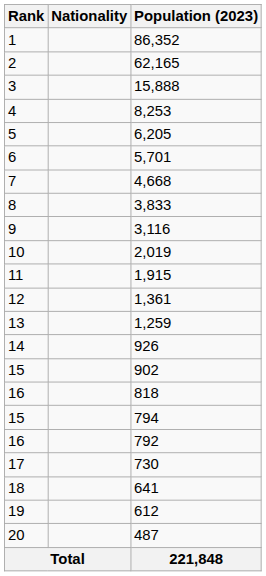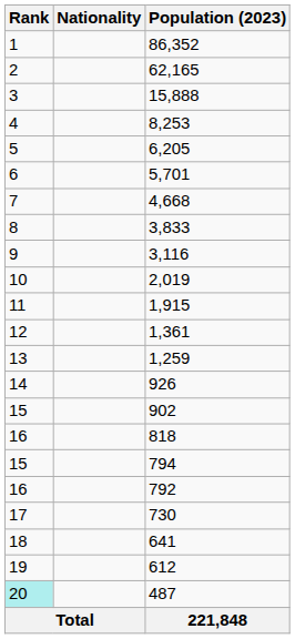 <table class="wikitable sortable">
 <tr>
 <th>Rank</th>
 <th>Nationality</th>
 <th>Population (2023)</th>
 </tr>
 <tr>
 <td>1</td>
 <td></td>
 <td>86,352</td>
 </tr>
 <tr>
 <td>2</td>
 <td></td>
 <td>62,165</td>
 </tr>
 <tr>
 <td>3</td>
 <td></td>
 <td>15,888</td>
 </tr>
 <tr>
 <td>4</td>
 <td></td>
 <td>8,253</td>
 </tr>
 <tr>
 <td>5</td>
 <td></td>
 <td>6,205</td>
 </tr>
 <tr>
 <td>6</td>
 <td></td>
 <td>5,701</td>
 </tr>
 <tr>
 <td>7</td>
 <td></td>
 <td>4,668</td>
 </tr>
 <tr>
 <td>8</td>
 <td></td>
 <td>3,833</td>
 </tr>
 <tr>
 <td>9</td>
 <td></td>
 <td>3,116</td>
 </tr>
 <tr>
 <td>10</td>
 <td></td>
 <td>2,019</td>
 </tr>
 <tr>
 <td>11</td>
 <td></td>
 <td>1,915</td>
 </tr>
 <tr>
 <td>12</td>
 <td></td>
 <td>1,361</td>
 </tr>
 <tr>
 <td>13</td>
 <td></td>
 <td>1,259</td>
 </tr>
 <tr>
 <td>14</td>
 <td></td>
 <td>926</td>
 </tr>
 <tr>
 <td>15</td>
 <td></td>
 <td>902</td>
 </tr>
 <tr>
 <td>16</td>
 <td></td>
 <td>818</td>
 </tr>
 <tr>
 <td>15</td>
 <td></td>
 <td>794</td>
 </tr>
 <tr>
 <td>16</td>
 <td></td>
 <td>792</td>
 </tr>
 <tr>
 <td>17</td>
 <td></td>
 <td>730</td>
 </tr>
 <tr>
 <td>18</td>
 <td></td>
 <td>641</td>
 </tr>
 <tr>
 <td>19</td>
 <td></td>
 <td>612</td>
 </tr>
 <tr>
-<td>20</td>
+<td style="background: paleturquoise;">20</td>
 <td></td>
 <td>487</td>
 </tr>
 <tr>
 <th colspan="2">Total</th>
 <th>221,848</th>
 </tr>
 </table>
